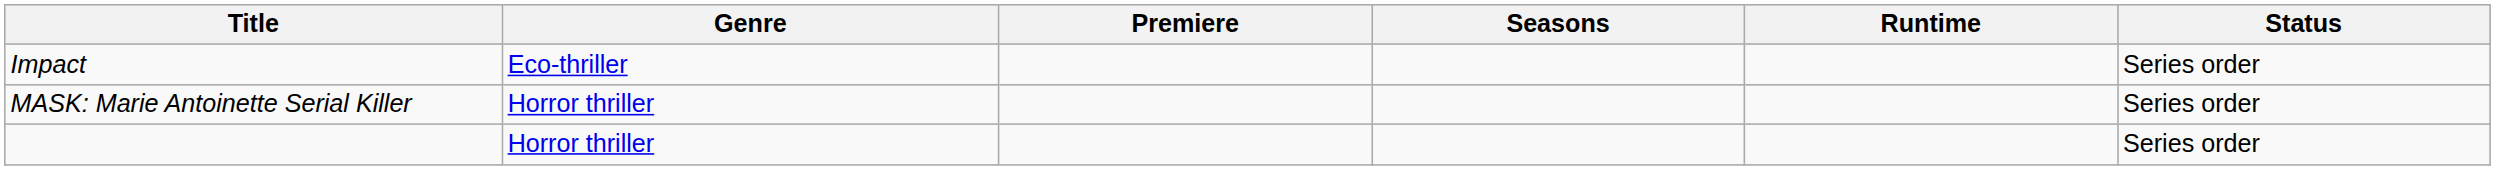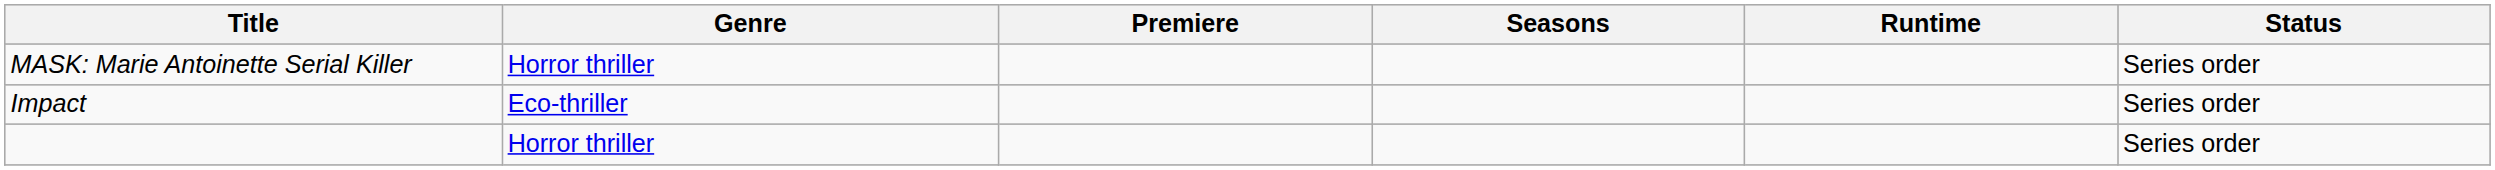 <table class="wikitable sortable" style="width:100%;">
 <tr>
 <th style="width:20%;">Title</th>
 <th style="width:20%;">Genre</th>
 <th style="width:15%;">Premiere</th>
 <th style="width:15%;">Seasons</th>
 <th style="width:15%;">Runtime</th>
 <th style="width:15%;">Status</th>
 </tr>
 <tr>
-<td><em>Impact</em></td>
-<td><a href='#'>Eco-thriller</a></td>
+<td><em>MASK: Marie Antoinette Serial Killer</em></td>
+<td><a href='#'>Horror thriller</a></td>
 <td></td>
 <td></td>
 <td></td>
 <td>Series order</td>
 </tr>
 <tr>
-<td><em>MASK: Marie Antoinette Serial Killer</em></td>
-<td><a href='#'>Horror thriller</a></td>
+<td><em>Impact</em></td>
+<td><a href='#'>Eco-thriller</a></td>
 <td></td>
 <td></td>
 <td></td>
 <td>Series order</td>
 </tr>
 <tr>
 <td><em></em></td>
 <td><a href='#'>Horror thriller</a></td>
 <td></td>
 <td></td>
 <td></td>
 <td>Series order</td>
 </tr>
 </table>
